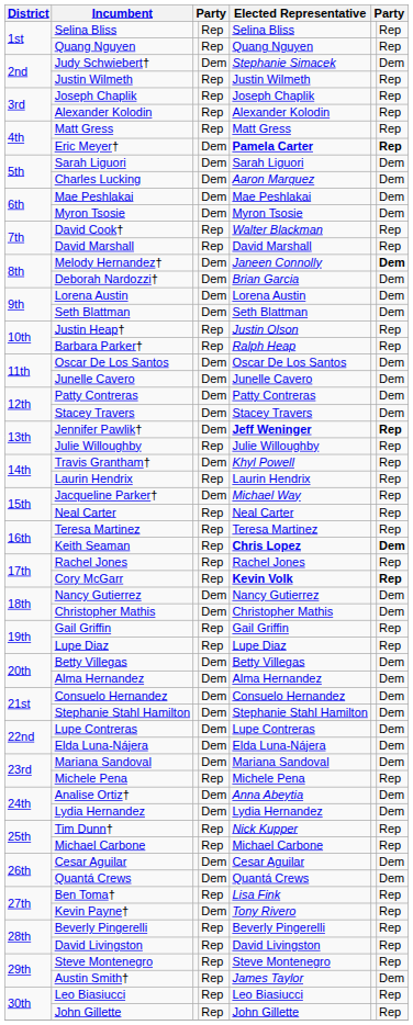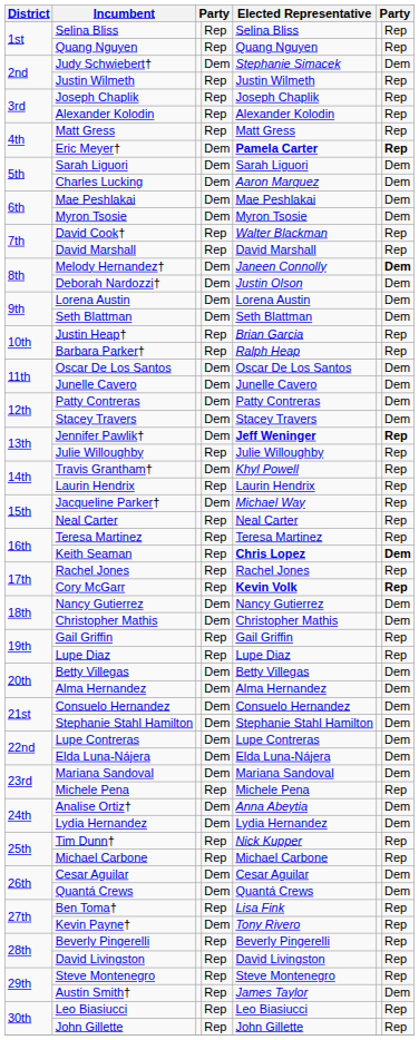 <table class="sortable wikitable" style="font-size:95%;line-height:14px;">
 <tr>
 <th><a href='#'>District</a></th>
 <th class="unsortable"><a href='#'>Incumbent</a></th>
 <th colspan="2">Party</th>
 <th class="unsortable">Elected Representative</th>
 <th colspan="2">Party</th>
 </tr>
 <tr>
 <td rowspan="2"><a href='#'>1st</a></td>
 <td><a href='#'>Selina Bliss</a></td>
 <td style="background:"></td>
 <td>Rep</td>
 <td><a href='#'>Selina Bliss</a></td>
 <td style="background:"></td>
 <td>Rep</td>
 </tr>
 <tr>
 <td><a href='#'>Quang Nguyen</a></td>
 <td style="background:"></td>
 <td>Rep</td>
 <td><a href='#'>Quang Nguyen</a></td>
 <td style="background:"></td>
 <td>Rep</td>
 </tr>
 <tr>
 <td rowspan="2"><a href='#'>2nd</a></td>
 <td><a href='#'>Judy Schwiebert</a>†</td>
 <td style="background:"></td>
 <td>Dem</td>
 <td><em><a href='#'>Stephanie Simacek</a></em></td>
 <td style="background:"></td>
 <td>Dem</td>
 </tr>
 <tr>
 <td><a href='#'>Justin Wilmeth</a></td>
 <td style="background:"></td>
 <td>Rep</td>
 <td><a href='#'>Justin Wilmeth</a></td>
 <td style="background:"></td>
 <td>Rep</td>
 </tr>
 <tr>
 <td rowspan="2"><a href='#'>3rd</a></td>
 <td><a href='#'>Joseph Chaplik</a></td>
 <td style="background:"></td>
 <td>Rep</td>
 <td><a href='#'>Joseph Chaplik</a></td>
 <td style="background:"></td>
 <td>Rep</td>
 </tr>
 <tr>
 <td><a href='#'>Alexander Kolodin</a></td>
 <td style="background:"></td>
 <td>Rep</td>
 <td><a href='#'>Alexander Kolodin</a></td>
 <td style="background:"></td>
 <td>Rep</td>
 </tr>
 <tr>
 <td rowspan="2"><a href='#'>4th</a></td>
 <td><a href='#'>Matt Gress</a></td>
 <td style="background:"></td>
 <td>Rep</td>
 <td><a href='#'>Matt Gress</a></td>
 <td style="background:"></td>
 <td>Rep</td>
 </tr>
 <tr>
 <td><a href='#'>Eric Meyer</a>†</td>
 <td style="background:"></td>
 <td>Dem</td>
 <td><strong><a href='#'>Pamela Carter</a></strong></td>
 <td style="background:"></td>
 <td><strong>Rep</strong></td>
 </tr>
 <tr>
 <td rowspan="2"><a href='#'>5th</a></td>
 <td><a href='#'>Sarah Liguori</a></td>
 <td style="background:"></td>
 <td>Dem</td>
 <td><a href='#'>Sarah Liguori</a></td>
 <td style="background:"></td>
 <td>Dem</td>
 </tr>
 <tr>
 <td><a href='#'>Charles Lucking</a></td>
 <td style="background:"></td>
 <td>Dem</td>
 <td><em><a href='#'>Aaron Marquez</a></em></td>
 <td style="background:"></td>
 <td>Dem</td>
 </tr>
 <tr>
 <td rowspan="2"><a href='#'>6th</a></td>
 <td><a href='#'>Mae Peshlakai</a></td>
 <td style="background:"></td>
 <td>Dem</td>
 <td><a href='#'>Mae Peshlakai</a></td>
 <td style="background:"></td>
 <td>Dem</td>
 </tr>
 <tr>
 <td><a href='#'>Myron Tsosie</a></td>
 <td style="background:"></td>
 <td>Dem</td>
 <td><a href='#'>Myron Tsosie</a></td>
 <td style="background:"></td>
 <td>Dem</td>
 </tr>
 <tr>
 <td rowspan="2"><a href='#'>7th</a></td>
 <td><a href='#'>David Cook</a>†</td>
 <td style="background:"></td>
 <td>Rep</td>
 <td><em><a href='#'>Walter Blackman</a></em></td>
 <td style="background:"></td>
 <td>Rep</td>
 </tr>
 <tr>
 <td><a href='#'>David Marshall</a></td>
 <td style="background:"></td>
 <td>Rep</td>
 <td><a href='#'>David Marshall</a></td>
 <td style="background:"></td>
 <td>Rep</td>
 </tr>
 <tr>
 <td rowspan="2"><a href='#'>8th</a></td>
 <td><a href='#'>Melody Hernandez</a>†</td>
 <td style="background:"></td>
 <td>Dem</td>
 <td><em><a href='#'>Janeen Connolly</a></em></td>
 <td style="background:"></td>
 <td><strong>Dem</strong></td>
 </tr>
 <tr>
 <td><a href='#'>Deborah Nardozzi</a>†</td>
 <td style="background:"></td>
 <td>Dem</td>
-<td><em><a href='#'>Brian Garcia</a></em></td>
+<td><em><a href='#'>Justin Olson</a></em></td>
 <td style="background:"></td>
 <td>Dem</td>
 </tr>
 <tr>
 <td rowspan="2"><a href='#'>9th</a></td>
 <td><a href='#'>Lorena Austin</a></td>
 <td style="background:"></td>
 <td>Dem</td>
 <td><a href='#'>Lorena Austin</a></td>
 <td style="background:"></td>
 <td>Dem</td>
 </tr>
 <tr>
 <td><a href='#'>Seth Blattman</a></td>
 <td style="background:"></td>
 <td>Dem</td>
 <td><a href='#'>Seth Blattman</a></td>
 <td style="background:"></td>
 <td>Dem</td>
 </tr>
 <tr>
 <td rowspan="2"><a href='#'>10th</a></td>
 <td><a href='#'>Justin Heap</a>†</td>
 <td style="background:"></td>
 <td>Rep</td>
-<td><em><a href='#'>Justin Olson</a></em></td>
+<td><em><a href='#'>Brian Garcia</a></em></td>
 <td style="background:"></td>
 <td>Rep</td>
 </tr>
 <tr>
 <td><a href='#'>Barbara Parker</a>†</td>
 <td style="background:"></td>
 <td>Rep</td>
 <td><em><a href='#'>Ralph Heap</a></em></td>
 <td style="background:"></td>
 <td>Rep</td>
 </tr>
 <tr>
 <td rowspan="2"><a href='#'>11th</a></td>
 <td><a href='#'>Oscar De Los Santos</a></td>
 <td style="background:"></td>
 <td>Dem</td>
 <td><a href='#'>Oscar De Los Santos</a></td>
 <td style="background:"></td>
 <td>Dem</td>
 </tr>
 <tr>
 <td><a href='#'>Junelle Cavero</a></td>
 <td style="background:"></td>
 <td>Dem</td>
 <td><a href='#'>Junelle Cavero</a></td>
 <td style="background:"></td>
 <td>Dem</td>
 </tr>
 <tr>
 <td rowspan="2"><a href='#'>12th</a></td>
 <td><a href='#'>Patty Contreras</a></td>
 <td style="background:"></td>
 <td>Dem</td>
 <td><a href='#'>Patty Contreras</a></td>
 <td style="background:"></td>
 <td>Dem</td>
 </tr>
 <tr>
 <td><a href='#'>Stacey Travers</a></td>
 <td style="background:"></td>
 <td>Dem</td>
 <td><a href='#'>Stacey Travers</a></td>
 <td style="background:"></td>
 <td>Dem</td>
 </tr>
 <tr>
 <td rowspan="2"><a href='#'>13th</a></td>
 <td><a href='#'>Jennifer Pawlik</a>†</td>
 <td style="background:"></td>
 <td>Dem</td>
 <td><strong><a href='#'>Jeff Weninger</a></strong></td>
 <td style="background:"></td>
 <td><strong>Rep</strong></td>
 </tr>
 <tr>
 <td><a href='#'>Julie Willoughby</a></td>
 <td style="background:"></td>
 <td>Rep</td>
 <td><a href='#'>Julie Willoughby</a></td>
 <td style="background:"></td>
 <td>Rep</td>
 </tr>
 <tr>
 <td rowspan="2"><a href='#'>14th</a></td>
 <td><a href='#'>Travis Grantham</a>†</td>
 <td style="background:"></td>
 <td>Dem</td>
 <td><em><a href='#'>Khyl Powell</a></em></td>
 <td style="background:"></td>
 <td>Rep</td>
 </tr>
 <tr>
 <td><a href='#'>Laurin Hendrix</a></td>
 <td style="background:"></td>
 <td>Rep</td>
 <td><a href='#'>Laurin Hendrix</a></td>
 <td style="background:"></td>
 <td>Rep</td>
 </tr>
 <tr>
 <td rowspan="2"><a href='#'>15th</a></td>
 <td><a href='#'>Jacqueline Parker</a>†</td>
 <td style="background:"></td>
 <td>Dem</td>
 <td><em><a href='#'>Michael Way</a></em></td>
 <td style="background:"></td>
 <td>Rep</td>
 </tr>
 <tr>
 <td><a href='#'>Neal Carter</a></td>
 <td style="background:"></td>
 <td>Rep</td>
 <td><a href='#'>Neal Carter</a></td>
 <td style="background:"></td>
 <td>Rep</td>
 </tr>
 <tr>
 <td rowspan="2"><a href='#'>16th</a></td>
 <td><a href='#'>Teresa Martinez</a></td>
 <td style="background:"></td>
 <td>Rep</td>
 <td><a href='#'>Teresa Martinez</a></td>
 <td style="background:"></td>
 <td>Rep</td>
 </tr>
 <tr>
 <td><a href='#'>Keith Seaman</a></td>
 <td style="background:"></td>
 <td>Rep</td>
 <td><strong><a href='#'>Chris Lopez</a></strong></td>
 <td style="background:"></td>
 <td><strong>Dem</strong></td>
 </tr>
 <tr>
 <td rowspan="2"><a href='#'>17th</a></td>
 <td><a href='#'>Rachel Jones</a></td>
 <td style="background:"></td>
 <td>Rep</td>
 <td><a href='#'>Rachel Jones</a></td>
 <td style="background:"></td>
 <td>Rep</td>
 </tr>
 <tr>
 <td><a href='#'>Cory McGarr</a></td>
 <td style="background:"></td>
 <td>Rep</td>
 <td><strong><a href='#'>Kevin Volk</a></strong></td>
 <td style="background:"></td>
 <td><strong>Rep</strong></td>
 </tr>
 <tr>
 <td rowspan="2"><a href='#'>18th</a></td>
 <td><a href='#'>Nancy Gutierrez</a></td>
 <td style="background:"></td>
 <td>Dem</td>
 <td><a href='#'>Nancy Gutierrez</a></td>
 <td style="background:"></td>
 <td>Dem</td>
 </tr>
 <tr>
 <td><a href='#'>Christopher Mathis</a></td>
 <td style="background:"></td>
 <td>Dem</td>
 <td><a href='#'>Christopher Mathis</a></td>
 <td style="background:"></td>
 <td>Dem</td>
 </tr>
 <tr>
 <td rowspan="2"><a href='#'>19th</a></td>
 <td><a href='#'>Gail Griffin</a></td>
 <td style="background:"></td>
 <td>Rep</td>
 <td><a href='#'>Gail Griffin</a></td>
 <td style="background:"></td>
 <td>Rep</td>
 </tr>
 <tr>
 <td><a href='#'>Lupe Diaz</a></td>
 <td style="background:"></td>
 <td>Rep</td>
 <td><a href='#'>Lupe Diaz</a></td>
 <td style="background:"></td>
 <td>Rep</td>
 </tr>
 <tr>
 <td rowspan="2"><a href='#'>20th</a></td>
 <td><a href='#'>Betty Villegas</a></td>
 <td style="background:"></td>
 <td>Dem</td>
 <td><a href='#'>Betty Villegas</a></td>
 <td style="background:"></td>
 <td>Dem</td>
 </tr>
 <tr>
 <td><a href='#'>Alma Hernandez</a></td>
 <td style="background:"></td>
 <td>Dem</td>
 <td><a href='#'>Alma Hernandez</a></td>
 <td style="background:"></td>
 <td>Dem</td>
 </tr>
 <tr>
 <td rowspan="2"><a href='#'>21st</a></td>
 <td><a href='#'>Consuelo Hernandez</a></td>
 <td style="background:"></td>
 <td>Dem</td>
 <td><a href='#'>Consuelo Hernandez</a></td>
 <td style="background:"></td>
 <td>Dem</td>
 </tr>
 <tr>
 <td><a href='#'>Stephanie Stahl Hamilton</a></td>
 <td style="background:"></td>
 <td>Dem</td>
 <td><a href='#'>Stephanie Stahl Hamilton</a></td>
 <td style="background:"></td>
 <td>Dem</td>
 </tr>
 <tr>
 <td rowspan="2"><a href='#'>22nd</a></td>
 <td><a href='#'>Lupe Contreras</a></td>
 <td style="background:"></td>
 <td>Dem</td>
 <td><a href='#'>Lupe Contreras</a></td>
 <td style="background:"></td>
 <td>Dem</td>
 </tr>
 <tr>
 <td><a href='#'>Elda Luna-Nájera</a></td>
 <td style="background:"></td>
 <td>Dem</td>
 <td><a href='#'>Elda Luna-Nájera</a></td>
 <td style="background:"></td>
 <td>Dem</td>
 </tr>
 <tr>
 <td rowspan="2"><a href='#'>23rd</a></td>
 <td><a href='#'>Mariana Sandoval</a></td>
 <td style="background:"></td>
 <td>Dem</td>
 <td><a href='#'>Mariana Sandoval</a></td>
 <td style="background:"></td>
 <td>Dem</td>
 </tr>
 <tr>
 <td><a href='#'>Michele Pena</a></td>
 <td style="background:"></td>
 <td>Rep</td>
 <td><a href='#'>Michele Pena</a></td>
 <td style="background:"></td>
 <td>Rep</td>
 </tr>
 <tr>
 <td rowspan="2"><a href='#'>24th</a></td>
 <td><a href='#'>Analise Ortiz</a>†</td>
 <td style="background:"></td>
 <td>Dem</td>
 <td><em><a href='#'>Anna Abeytia</a></em></td>
 <td style="background:"></td>
 <td>Dem</td>
 </tr>
 <tr>
 <td><a href='#'>Lydia Hernandez</a></td>
 <td style="background:"></td>
 <td>Dem</td>
 <td><a href='#'>Lydia Hernandez</a></td>
 <td style="background:"></td>
 <td>Dem</td>
 </tr>
 <tr>
 <td rowspan="2"><a href='#'>25th</a></td>
 <td><a href='#'>Tim Dunn</a>†</td>
 <td style="background:"></td>
 <td>Rep</td>
 <td><em><a href='#'>Nick Kupper</a></em></td>
 <td style="background:"></td>
 <td>Rep</td>
 </tr>
 <tr>
 <td><a href='#'>Michael Carbone</a></td>
 <td style="background:"></td>
 <td>Rep</td>
 <td><a href='#'>Michael Carbone</a></td>
 <td style="background:"></td>
 <td>Rep</td>
 </tr>
 <tr>
 <td rowspan="2"><a href='#'>26th</a></td>
 <td><a href='#'>Cesar Aguilar</a></td>
 <td style="background:"></td>
 <td>Dem</td>
 <td><a href='#'>Cesar Aguilar</a></td>
 <td style="background:"></td>
 <td>Dem</td>
 </tr>
 <tr>
 <td><a href='#'>Quantá Crews</a></td>
 <td style="background:"></td>
 <td>Dem</td>
 <td><a href='#'>Quantá Crews</a></td>
 <td style="background:"></td>
 <td>Dem</td>
 </tr>
 <tr>
 <td rowspan="2"><a href='#'>27th</a></td>
 <td><a href='#'>Ben Toma</a>†</td>
 <td style="background:"></td>
 <td>Rep</td>
 <td><em><a href='#'>Lisa Fink</a></em></td>
 <td style="background:"></td>
 <td>Rep</td>
 </tr>
 <tr>
 <td><a href='#'>Kevin Payne</a>†</td>
 <td style="background:"></td>
 <td>Dem</td>
 <td><em><a href='#'>Tony Rivero</a></em></td>
 <td style="background:"></td>
 <td>Rep</td>
 </tr>
 <tr>
 <td rowspan="2"><a href='#'>28th</a></td>
 <td><a href='#'>Beverly Pingerelli</a></td>
 <td style="background:"></td>
 <td>Rep</td>
 <td><a href='#'>Beverly Pingerelli</a></td>
 <td style="background:"></td>
 <td>Rep</td>
 </tr>
 <tr>
 <td><a href='#'>David Livingston</a></td>
 <td style="background:"></td>
 <td>Rep</td>
 <td><a href='#'>David Livingston</a></td>
 <td style="background:"></td>
 <td>Rep</td>
 </tr>
 <tr>
 <td rowspan="2"><a href='#'>29th</a></td>
 <td><a href='#'>Steve Montenegro</a></td>
 <td style="background:"></td>
 <td>Rep</td>
 <td><a href='#'>Steve Montenegro</a></td>
 <td style="background:"></td>
 <td>Rep</td>
 </tr>
 <tr>
 <td><a href='#'>Austin Smith</a>†</td>
 <td style="background:"></td>
 <td>Rep</td>
 <td><em><a href='#'>James Taylor</a></em></td>
 <td style="background:"></td>
 <td>Dem</td>
 </tr>
 <tr>
 <td rowspan="2"><a href='#'>30th</a></td>
 <td><a href='#'>Leo Biasiucci</a></td>
 <td style="background:"></td>
 <td>Rep</td>
 <td><a href='#'>Leo Biasiucci</a></td>
 <td style="background:"></td>
 <td>Rep</td>
 </tr>
 <tr>
 <td><a href='#'>John Gillette</a></td>
 <td style="background:"></td>
 <td>Rep</td>
 <td><a href='#'>John Gillette</a></td>
 <td style="background:"></td>
 <td>Rep</td>
 </tr>
 <tr>
 </tr>
 </table>
